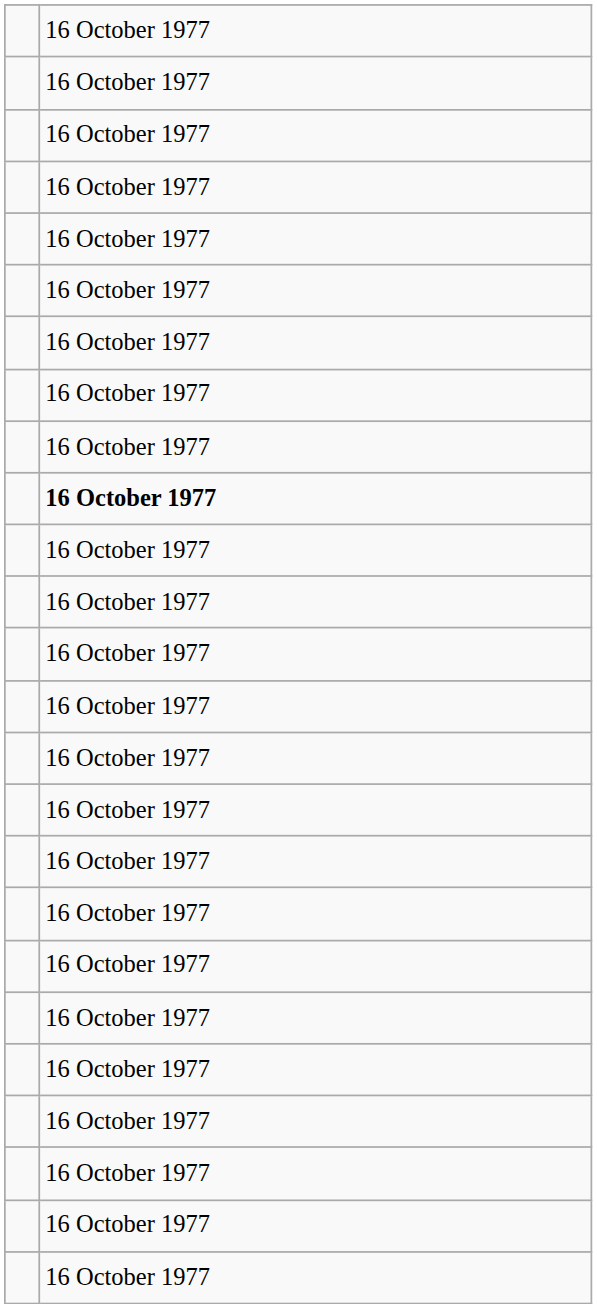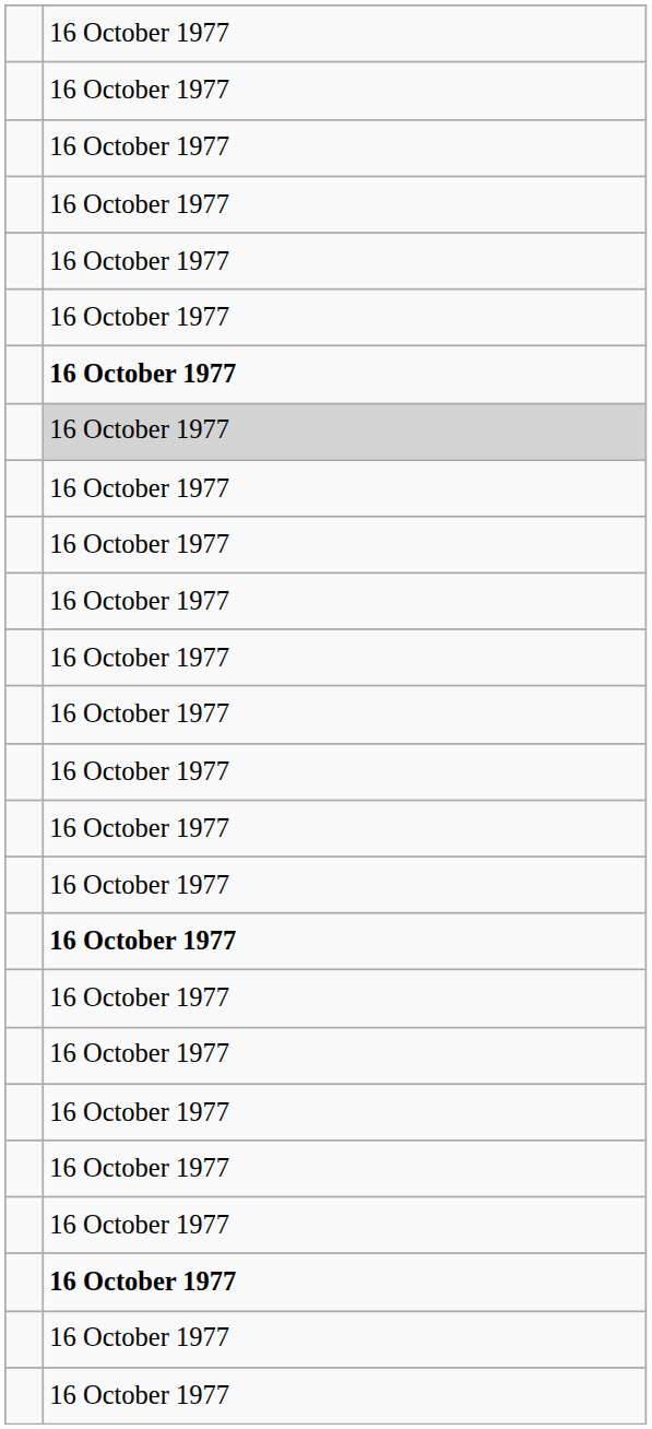 <table class="wikitable" style="font-size: 89%; float: left; width: 24em; margin-right: 1em; line-height: 1.65em">
 <tr>
 <td></td>
 <td>16 October 1977</td>
+</tr>
+<tr>
+<td></td>
+<td>16 October 1977</td>
+</tr>
+<tr>
+<td></td>
+<td>16 October 1977</td>
+</tr>
+<tr>
+<td></td>
+<td>16 October 1977</td>
+</tr>
+<tr>
+<td></td>
+<td>16 October 1977</td>
+</tr>
+<tr>
+<td></td>
+<td>16 October 1977</td>
+</tr>
+<tr>
+<td></td>
+<td><strong>16 October 1977</strong></td>
+</tr>
+<tr>
+<td></td>
+<td style="background: lightgrey;">16 October 1977</td>
 </tr>
 <tr>
 <td></td>
 <td>16 October 1977</td>
 </tr>
 <tr>
 <td></td>
 <td>16 October 1977</td>
 </tr>
 <tr>
 <td></td>
 <td>16 October 1977</td>
 </tr>
 <tr>
 <td></td>
 <td>16 October 1977</td>
 </tr>
 <tr>
 <td></td>
 <td>16 October 1977</td>
 </tr>
 <tr>
 <td></td>
 <td>16 October 1977</td>
 </tr>
 <tr>
 <td></td>
 <td>16 October 1977</td>
 </tr>
 <tr>
 <td></td>
 <td>16 October 1977</td>
 </tr>
 <tr>
 <td></td>
 <td><strong>16 October 1977</strong></td>
 </tr>
 <tr>
 <td></td>
 <td>16 October 1977</td>
 </tr>
 <tr>
 <td></td>
 <td>16 October 1977</td>
 </tr>
 <tr>
 <td></td>
 <td>16 October 1977</td>
 </tr>
 <tr>
 <td></td>
 <td>16 October 1977</td>
 </tr>
 <tr>
 <td></td>
 <td>16 October 1977</td>
 </tr>
 <tr>
 <td></td>
-<td>16 October 1977</td>
-</tr>
-<tr>
-<td></td>
-<td>16 October 1977</td>
-</tr>
-<tr>
-<td></td>
-<td>16 October 1977</td>
-</tr>
-<tr>
-<td></td>
-<td>16 October 1977</td>
-</tr>
-<tr>
-<td></td>
-<td>16 October 1977</td>
-</tr>
-<tr>
-<td></td>
-<td>16 October 1977</td>
-</tr>
-<tr>
-<td></td>
-<td>16 October 1977</td>
-</tr>
-<tr>
-<td></td>
-<td>16 October 1977</td>
+<td><strong>16 October 1977</strong></td>
 </tr>
 <tr>
 <td></td>
 <td>16 October 1977</td>
 </tr>
 <tr>
 <td></td>
 <td>16 October 1977</td>
 </tr>
 </table>
